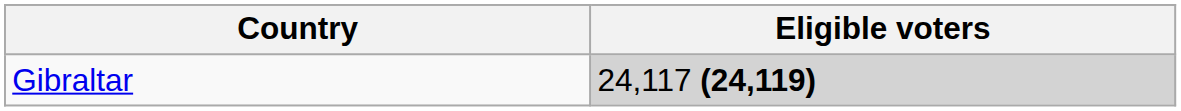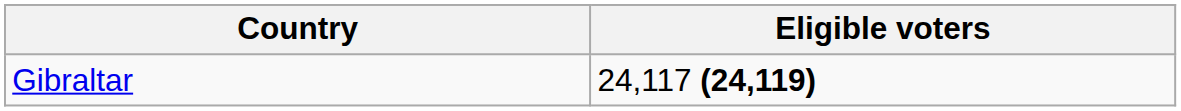 <table class="wikitable" width="30%">
 <tr>
 <th width=15%>Country</th>
 <th width=15%>Eligible voters</th>
 </tr>
 <tr>
 <td><a href='#'>Gibraltar</a></td>
-<td style="background: lightgrey;">24,117 <strong>(24,119)</strong></td>
+<td>24,117 <strong>(24,119)</strong></td>
 </tr>
 </table>
